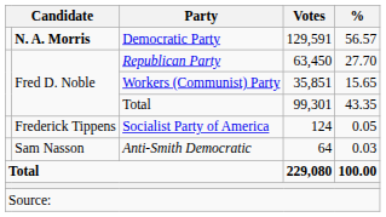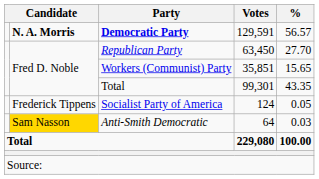 <table class="wikitable">
 <tr>
 <th colspan=2>Candidate</th>
 <th>Party</th>
 <th>Votes</th>
 <th>%</th>
 </tr>
 <tr>
 <td bgcolor=></td>
 <td><strong>N. A. Morris</strong></td>
-<td><a href='#'>Democratic Party</a></td>
+<td><strong><a href='#'>Democratic Party</a></strong></td>
 <td align=right>129,591</td>
 <td align=right>56.57</td>
 </tr>
 <tr>
 <td rowspan=3 bgcolor=></td>
 <td rowspan=3>Fred D. Noble</td>
 <td><em><a href='#'>Republican Party</a></em></td>
 <td align=right>63,450</td>
 <td align=right>27.70</td>
 </tr>
 <tr>
 <td><a href='#'>Workers (Communist) Party</a></td>
 <td align=right>35,851</td>
 <td align=right>15.65</td>
 </tr>
 <tr>
 <td>Total</td>
 <td align=right>99,301</td>
 <td align=right>43.35</td>
 </tr>
 <tr>
 <td bgcolor=></td>
 <td>Frederick Tippens</td>
 <td><a href='#'>Socialist Party of America</a></td>
 <td align=right>124</td>
 <td align=right>0.05</td>
 </tr>
 <tr>
 <td bgcolor=></td>
-<td>Sam Nasson</td>
+<td style="background: gold;">Sam Nasson</td>
 <td><em>Anti-Smith Democratic</em></td>
 <td align=right>64</td>
 <td align=right>0.03</td>
 </tr>
 <tr style="font-weight:bold">
 <td colspan=3>Total</td>
 <td align=right>229,080</td>
 <td align=right>100.00</td>
 </tr>
 <tr>
 <th colspan=7></th>
 </tr>
 <tr>
 <td colspan=7>Source:</td>
 </tr>
 </table>
